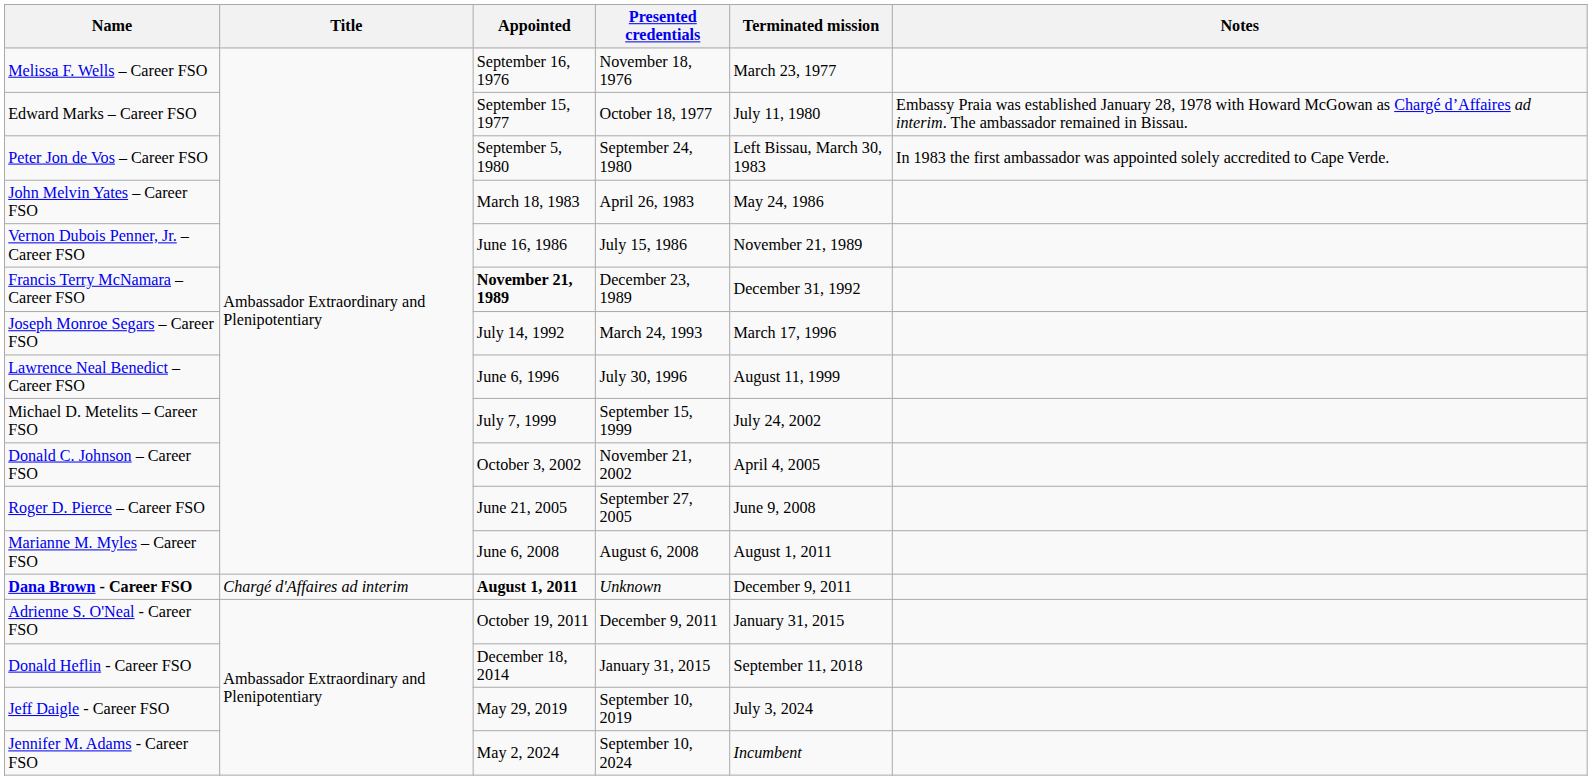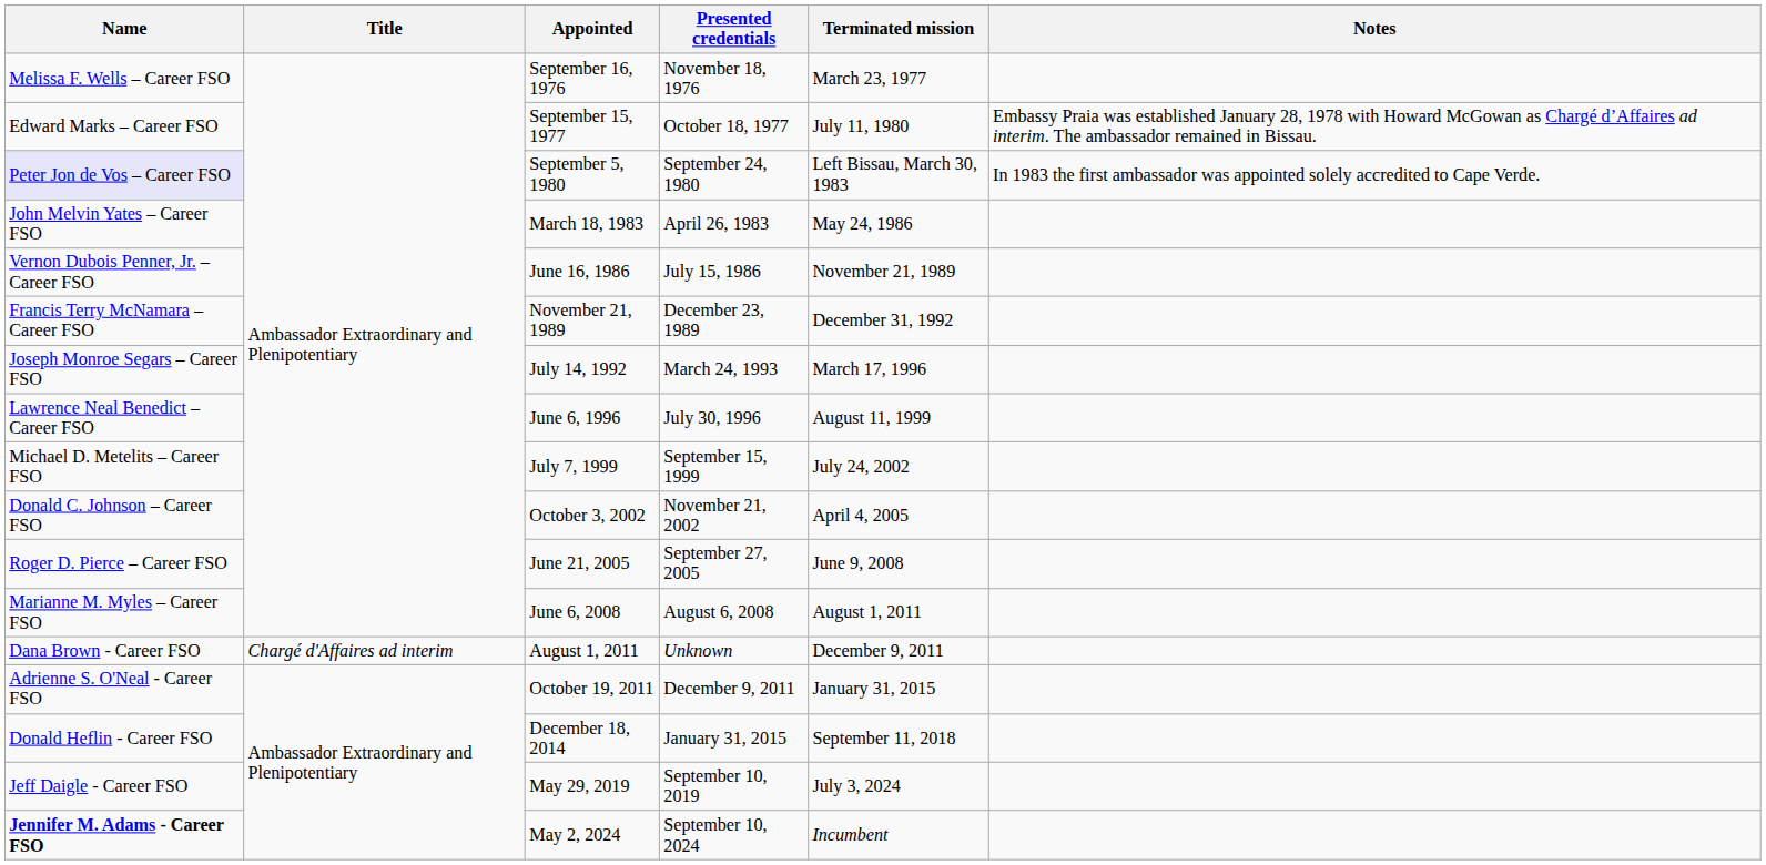 <table class="wikitable">
 <tr>
 <th>Name</th>
 <th>Title</th>
 <th>Appointed</th>
 <th><a href='#'>Presented credentials</a></th>
 <th>Terminated mission</th>
 <th>Notes</th>
 </tr>
 <tr>
 <td><a href='#'>Melissa F. Wells</a> – Career FSO</td>
 <td rowspan="12">Ambassador Extraordinary and Plenipotentiary</td>
 <td>September 16, 1976</td>
 <td>November 18, 1976</td>
 <td>March 23, 1977</td>
 <td></td>
 </tr>
 <tr>
 <td>Edward Marks – Career FSO</td>
 <td>September 15, 1977</td>
 <td>October 18, 1977</td>
 <td>July 11, 1980</td>
 <td>Embassy Praia was established January 28, 1978 with Howard McGowan as <a href='#'>Chargé d’Affaires</a> <em>ad interim</em>. The ambassador remained in Bissau.</td>
 </tr>
 <tr>
-<td><a href='#'>Peter Jon de Vos</a> – Career FSO</td>
+<td style="background: lavender;"><a href='#'>Peter Jon de Vos</a> – Career FSO</td>
 <td>September 5, 1980</td>
 <td>September 24, 1980</td>
 <td>Left Bissau, March 30, 1983</td>
 <td>In 1983 the first ambassador was appointed solely accredited to Cape Verde.</td>
 </tr>
 <tr>
 <td><a href='#'>John Melvin Yates</a> – Career FSO</td>
 <td>March 18, 1983</td>
 <td>April 26, 1983</td>
 <td>May 24, 1986</td>
 <td></td>
 </tr>
 <tr>
 <td><a href='#'>Vernon Dubois Penner, Jr.</a> – Career FSO</td>
 <td>June 16, 1986</td>
 <td>July 15, 1986</td>
 <td>November 21, 1989</td>
 <td></td>
 </tr>
 <tr>
 <td><a href='#'>Francis Terry McNamara</a> – Career FSO</td>
-<td><strong>November 21, 1989</strong></td>
+<td>November 21, 1989</td>
 <td>December 23, 1989</td>
 <td>December 31, 1992</td>
 <td></td>
 </tr>
 <tr>
 <td><a href='#'>Joseph Monroe Segars</a> – Career FSO</td>
 <td>July 14, 1992</td>
 <td>March 24, 1993</td>
 <td>March 17, 1996</td>
 <td></td>
 </tr>
 <tr>
 <td><a href='#'>Lawrence Neal Benedict</a> – Career FSO</td>
 <td>June 6, 1996</td>
 <td>July 30, 1996</td>
 <td>August 11, 1999</td>
 <td></td>
 </tr>
 <tr>
 <td>Michael D. Metelits – Career FSO</td>
 <td>July 7, 1999</td>
 <td>September 15, 1999</td>
 <td>July 24, 2002</td>
 <td></td>
 </tr>
 <tr>
 <td><a href='#'>Donald C. Johnson</a> – Career FSO</td>
 <td>October 3, 2002</td>
 <td>November 21, 2002</td>
 <td>April 4, 2005</td>
 <td></td>
 </tr>
 <tr>
 <td><a href='#'>Roger D. Pierce</a> – Career FSO</td>
 <td>June 21, 2005</td>
 <td>September 27, 2005</td>
 <td>June 9, 2008</td>
 <td></td>
 </tr>
 <tr>
 <td><a href='#'>Marianne M. Myles</a> – Career FSO</td>
 <td>June 6, 2008</td>
 <td>August 6, 2008</td>
 <td>August 1, 2011</td>
 <td></td>
 </tr>
 <tr>
-<td><strong><a href='#'>Dana Brown</a> - Career FSO</strong></td>
+<td><a href='#'>Dana Brown</a> - Career FSO</td>
 <td><em>Chargé d'Affaires ad interim</em></td>
-<td><strong>August 1, 2011</strong></td>
+<td>August 1, 2011</td>
 <td><em>Unknown</em></td>
 <td>December 9, 2011</td>
 <td></td>
 </tr>
 <tr>
 <td><a href='#'>Adrienne S. O'Neal</a> - Career FSO</td>
 <td rowspan="4">Ambassador Extraordinary and Plenipotentiary</td>
 <td>October 19, 2011</td>
 <td>December 9, 2011</td>
 <td>January 31, 2015</td>
 <td></td>
 </tr>
 <tr>
 <td><a href='#'>Donald Heflin</a> - Career FSO</td>
 <td>December 18, 2014</td>
 <td>January 31, 2015</td>
 <td>September 11, 2018</td>
 <td></td>
 </tr>
 <tr>
 <td><a href='#'>Jeff Daigle</a> - Career FSO</td>
 <td>May 29, 2019</td>
 <td>September 10, 2019</td>
 <td>July 3, 2024</td>
 <td></td>
 </tr>
 <tr>
-<td><a href='#'>Jennifer M. Adams</a> - Career FSO</td>
+<td><strong><a href='#'>Jennifer M. Adams</a> - Career FSO</strong></td>
 <td>May 2, 2024</td>
 <td>September 10, 2024</td>
 <td><em>Incumbent</em></td>
 <td></td>
 </tr>
 </table>
